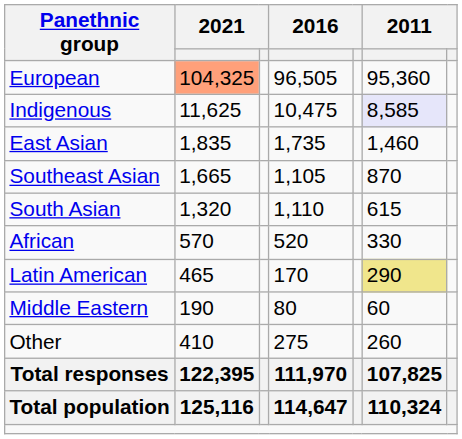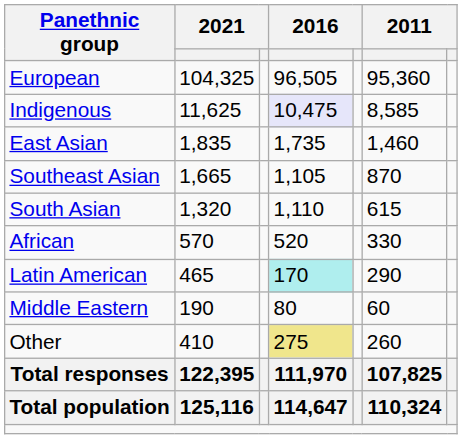 <table class="wikitable collapsible sortable">
 <tr>
 <th rowspan="2"><a href='#'>Panethnic</a><br>group</th>
 <th colspan="2">2021</th>
 <th colspan="2">2016</th>
 <th colspan="2">2011</th>
 </tr>
 <tr>
 <th><a href='#'></a></th>
 <th></th>
 <th></th>
 <th></th>
 <th></th>
 <th></th>
 </tr>
 <tr>
 <td><a href='#'>European</a></td>
-<td style="background: lightsalmon;">104,325</td>
+<td>104,325</td>
 <td></td>
 <td>96,505</td>
 <td></td>
 <td>95,360</td>
 <td></td>
 </tr>
 <tr>
 <td><a href='#'>Indigenous</a></td>
 <td>11,625</td>
 <td></td>
-<td>10,475</td>
+<td style="background: lavender;">10,475</td>
 <td></td>
-<td style="background: lavender;">8,585</td>
+<td>8,585</td>
 <td></td>
 </tr>
 <tr>
 <td><a href='#'>East Asian</a></td>
 <td>1,835</td>
 <td></td>
 <td>1,735</td>
 <td></td>
 <td>1,460</td>
 <td></td>
 </tr>
 <tr>
 <td><a href='#'>Southeast Asian</a></td>
 <td>1,665</td>
 <td></td>
 <td>1,105</td>
 <td></td>
 <td>870</td>
 <td></td>
 </tr>
 <tr>
 <td><a href='#'>South Asian</a></td>
 <td>1,320</td>
 <td></td>
 <td>1,110</td>
 <td></td>
 <td>615</td>
 <td></td>
 </tr>
 <tr>
 <td><a href='#'>African</a></td>
 <td>570</td>
 <td></td>
 <td>520</td>
 <td></td>
 <td>330</td>
 <td></td>
 </tr>
 <tr>
 <td><a href='#'>Latin American</a></td>
 <td>465</td>
 <td></td>
-<td>170</td>
+<td style="background: paleturquoise;">170</td>
 <td></td>
-<td style="background: khaki;">290</td>
+<td>290</td>
 <td></td>
 </tr>
 <tr>
 <td><a href='#'>Middle Eastern</a></td>
 <td>190</td>
 <td></td>
 <td>80</td>
 <td></td>
 <td>60</td>
 <td></td>
 </tr>
 <tr>
 <td>Other</td>
 <td>410</td>
 <td></td>
-<td>275</td>
+<td style="background: khaki;">275</td>
 <td></td>
 <td>260</td>
 <td></td>
 </tr>
 <tr>
 <th>Total responses</th>
 <th>122,395</th>
 <th></th>
 <th>111,970</th>
 <th></th>
 <th>107,825</th>
 <th></th>
 </tr>
 <tr>
 <th>Total population</th>
 <th>125,116</th>
 <th></th>
 <th>114,647</th>
 <th></th>
 <th>110,324</th>
 <th></th>
 </tr>
 <tr class="sortbottom">
 <td colspan="15"></td>
 </tr>
 </table>
